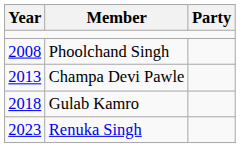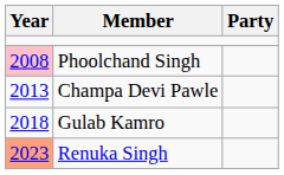 <table class="wikitable">
 <tr>
 <th>Year</th>
 <th>Member</th>
 <th colspan="2">Party</th>
 </tr>
 <tr>
 <td colspan="4"></td>
 </tr>
 <tr>
-<td><a href='#'>2008</a></td>
+<td style="background: pink;"><a href='#'>2008</a></td>
 <td>Phoolchand Singh</td>
 <td></td>
 </tr>
 <tr>
 <td><a href='#'>2013</a></td>
 <td>Champa Devi Pawle</td>
 </tr>
 <tr>
 <td><a href='#'>2018</a></td>
 <td>Gulab Kamro</td>
 <td></td>
 </tr>
 <tr>
-<td><a href='#'>2023</a></td>
+<td style="background: lightsalmon;"><a href='#'>2023</a></td>
 <td><a href='#'>Renuka Singh</a></td>
 <td></td>
 </tr>
 </table>
